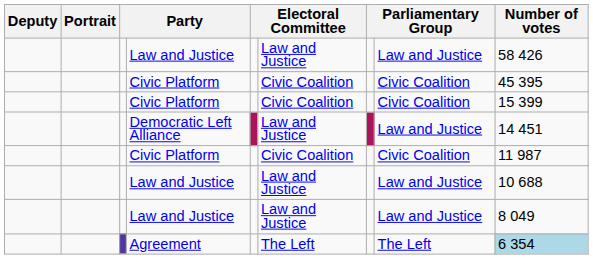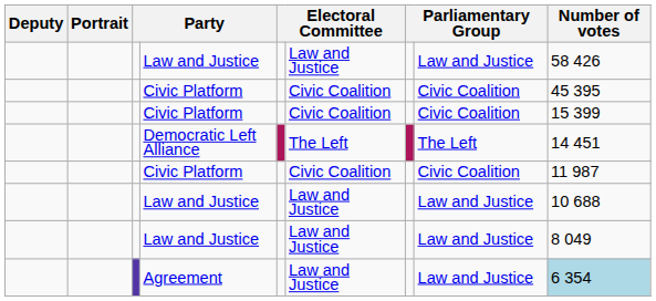 <table class="wikitable sortable" style="font-size:95%;line-height:14px;">
 <tr>
 <th>Deputy</th>
 <th>Portrait</th>
 <th colspan="2">Party</th>
 <th colspan="2">Electoral Committee</th>
 <th colspan="2">Parliamentary Group</th>
 <th>Number of votes</th>
 </tr>
 <tr>
 <td></td>
 <td></td>
 <td style="background:"></td>
 <td><a href='#'>Law and Justice</a></td>
 <td style="background:"></td>
 <td><a href='#'>Law and Justice</a></td>
 <td style="background:"></td>
 <td><a href='#'>Law and Justice</a></td>
 <td>58 426</td>
 </tr>
 <tr>
 <td></td>
 <td></td>
 <td style="background:"></td>
 <td><a href='#'>Civic Platform</a></td>
 <td style="background:"></td>
 <td><a href='#'>Civic Coalition</a></td>
 <td style="background:"></td>
 <td><a href='#'>Civic Coalition</a></td>
 <td>45 395</td>
 </tr>
 <tr>
 <td></td>
 <td></td>
 <td style="background:"></td>
 <td><a href='#'>Civic Platform</a></td>
 <td style="background:"></td>
 <td><a href='#'>Civic Coalition</a></td>
 <td style="background:"></td>
 <td><a href='#'>Civic Coalition</a></td>
 <td>15 399</td>
 </tr>
 <tr>
 <td></td>
 <td></td>
 <td style="background:"></td>
 <td><a href='#'>Democratic Left Alliance</a></td>
 <td style="background:#AC145A;"></td>
-<td><a href='#'>Law and Justice</a></td>
+<td><a href='#'>The Left</a></td>
 <td style="background:#AC145A;"></td>
-<td><a href='#'>Law and Justice</a></td>
+<td><a href='#'>The Left</a></td>
 <td>14 451</td>
 </tr>
 <tr>
 <td></td>
 <td></td>
 <td style="background:"></td>
 <td><a href='#'>Civic Platform</a></td>
 <td style="background:"></td>
 <td><a href='#'>Civic Coalition</a></td>
 <td style="background:"></td>
 <td><a href='#'>Civic Coalition</a></td>
 <td>11 987</td>
 </tr>
 <tr>
 <td></td>
 <td></td>
 <td style="background:"></td>
 <td><a href='#'>Law and Justice</a></td>
 <td style="background:"></td>
 <td><a href='#'>Law and Justice</a></td>
 <td style="background:"></td>
 <td><a href='#'>Law and Justice</a></td>
 <td>10 688</td>
 </tr>
 <tr>
 <td></td>
 <td></td>
 <td style="background:"></td>
 <td><a href='#'>Law and Justice</a></td>
 <td style="background:"></td>
 <td><a href='#'>Law and Justice</a></td>
 <td style="background:"></td>
 <td><a href='#'>Law and Justice</a></td>
 <td>8 049</td>
 </tr>
 <tr>
 <td></td>
 <td></td>
 <td style="background:#5234A5;"></td>
 <td><a href='#'>Agreement</a></td>
 <td style="background:"></td>
-<td><a href='#'>The Left</a></td>
+<td><a href='#'>Law and Justice</a></td>
 <td style="background:"></td>
-<td><a href='#'>The Left</a></td>
+<td><a href='#'>Law and Justice</a></td>
 <td style="background: lightblue;">6 354</td>
 </tr>
 </table>
